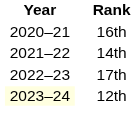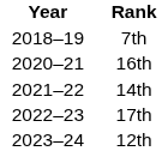 <table style="border:'1' 'solid' 'black'; width:150px;">
 <tr style="text-align:center;">
 <th style="width:64px; ">Year</th>
 <th style="width:64px; ">Rank</th>
+</tr>
+<tr style="text-align:center;">
+<td style="width:64px;">2018–19</td>
+<td style="width:64px;">7th</td>
 </tr>
 <tr style="text-align:center;">
 <td style="width:64px;">2020–21</td>
 <td style="width:64px;">16th</td>
 </tr>
 <tr style="text-align:center;">
 <td style="width:64px;">2021–22</td>
 <td style="width:64px;">14th</td>
 </tr>
 <tr style="text-align:center;">
 <td style="width:64px;">2022–23</td>
 <td style="width:64px;">17th</td>
 </tr>
 <tr style="text-align:center;">
-<td style="background: lightyellow; width:64px;">2023–24</td>
+<td style="width:64px;">2023–24</td>
 <td style="width:64px;">12th</td>
 </tr>
 </table>
